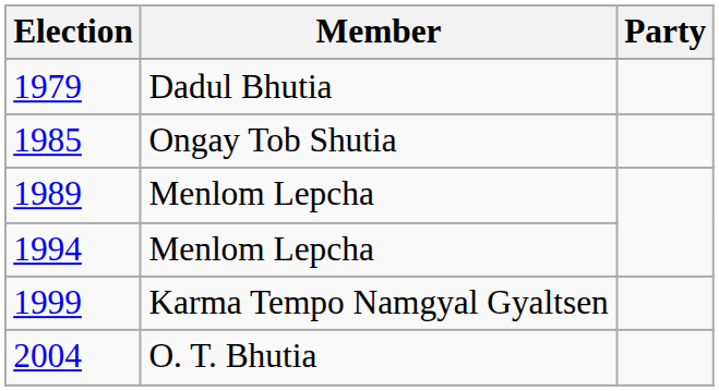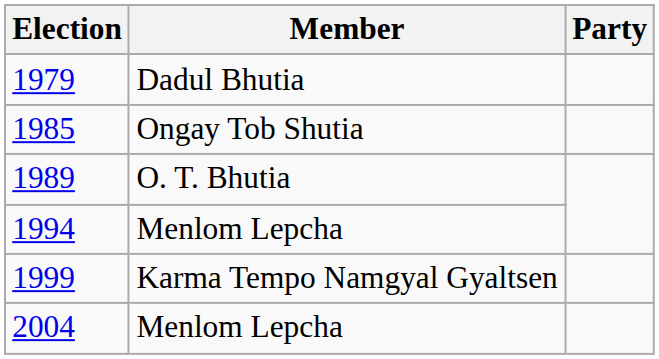 <table class="wikitable sortable">
 <tr>
 <th>Election</th>
 <th>Member</th>
 <th colspan=2>Party</th>
 </tr>
 <tr>
 </tr>
 <tr>
 <td><a href='#'>1979</a></td>
 <td>Dadul Bhutia</td>
 <td></td>
 </tr>
 <tr>
 <td><a href='#'>1985</a></td>
 <td>Ongay Tob Shutia</td>
 <td></td>
 </tr>
 <tr>
 <td><a href='#'>1989</a></td>
-<td>Menlom Lepcha</td>
+<td>O. T. Bhutia</td>
 </tr>
 <tr>
 <td><a href='#'>1994</a></td>
 <td>Menlom Lepcha</td>
 </tr>
 <tr>
 <td><a href='#'>1999</a></td>
 <td>Karma Tempo Namgyal Gyaltsen</td>
 <td></td>
 </tr>
 <tr>
 <td><a href='#'>2004</a></td>
-<td>O. T. Bhutia</td>
+<td>Menlom Lepcha</td>
 </tr>
 </table>
